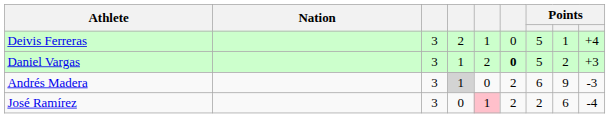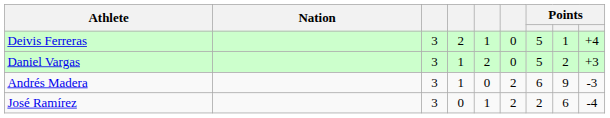 <table class="wikitable" style="text-align: center; font-size:100% ">
 <tr>
 <th rowspan=2 width=250>Athlete</th>
 <th rowspan=2 width=250>Nation</th>
 <th rowspan=2 width=25></th>
 <th rowspan=2 width=25></th>
 <th rowspan=2 width=25></th>
 <th rowspan=2 width=25></th>
 <th colspan=3>Points</th>
 </tr>
 <tr>
 <th width=25></th>
 <th width=25></th>
 <th width=25></th>
 </tr>
 <tr bgcolor="ccffcc">
 <td align=left><a href='#'>Deivis Ferreras</a></td>
 <td align=left></td>
 <td>3</td>
 <td>2</td>
 <td>1</td>
 <td>0</td>
 <td>5</td>
 <td>1</td>
 <td>+4</td>
 </tr>
 <tr bgcolor="ccffcc">
 <td align=left><a href='#'>Daniel Vargas</a></td>
 <td align=left></td>
 <td>3</td>
 <td>1</td>
 <td>2</td>
-<td><strong>0</strong></td>
+<td>0</td>
 <td>5</td>
 <td>2</td>
 <td>+3</td>
 </tr>
 <tr>
 <td align=left><a href='#'>Andrés Madera</a></td>
 <td align=left></td>
 <td>3</td>
-<td style="background: lightgrey;">1</td>
+<td>1</td>
 <td>0</td>
 <td>2</td>
 <td>6</td>
 <td>9</td>
 <td>-3</td>
 </tr>
 <tr>
 <td align=left><a href='#'>José Ramírez</a></td>
 <td align=left></td>
 <td>3</td>
 <td>0</td>
-<td style="background: pink;">1</td>
+<td>1</td>
 <td>2</td>
 <td>2</td>
 <td>6</td>
 <td>-4</td>
 </tr>
 </table>
